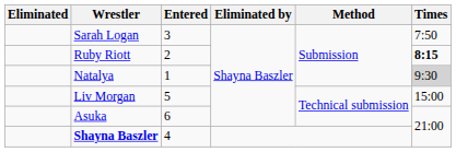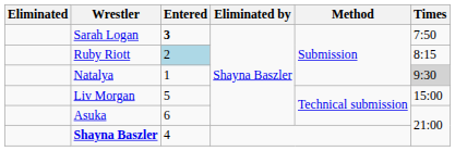 <table class="wikitable sortable">
 <tr>
 <th>Eliminated</th>
 <th>Wrestler</th>
 <th>Entered</th>
 <th>Eliminated by</th>
 <th>Method</th>
 <th>Times</th>
 </tr>
 <tr>
 <td></td>
 <td><a href='#'>Sarah Logan</a></td>
-<td>3</td>
+<td><strong>3</strong></td>
 <td rowspan=5><a href='#'>Shayna Baszler</a></td>
 <td rowspan=3><a href='#'>Submission</a></td>
 <td>7:50</td>
 </tr>
 <tr>
 <td></td>
 <td><a href='#'>Ruby Riott</a></td>
-<td>2</td>
-<td><strong>8:15</strong></td>
+<td style="background: lightblue;">2</td>
+<td>8:15</td>
 </tr>
 <tr>
 <td></td>
 <td><a href='#'>Natalya</a></td>
 <td>1</td>
 <td style="background: lightgrey;">9:30</td>
 </tr>
 <tr>
 <td></td>
 <td><a href='#'>Liv Morgan</a></td>
 <td>5</td>
 <td rowspan=2><a href='#'>Technical submission</a></td>
 <td>15:00</td>
 </tr>
 <tr>
 <td></td>
 <td><a href='#'>Asuka</a></td>
 <td>6</td>
 <td rowspan=2>21:00</td>
 </tr>
 <tr>
 <td></td>
 <td><strong><a href='#'>Shayna Baszler</a></strong></td>
 <td>4</td>
 <td colspan="2"></td>
 </tr>
 </table>
